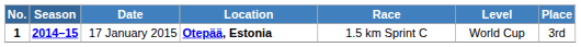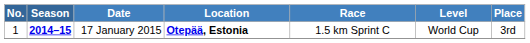 <table class="wikitable sortable" style="font-size:95%; text-align:center; border:grey solid 1px; border-collapse:collapse; background:#ffffff;">
 <tr style="background:#efefef;">
 <th style="background-color:#369; color:white;">No.</th>
 <th style="background-color:#369; color:white;">Season</th>
 <th style="background-color:#4180be; color:white; width:120px;">Date</th>
 <th style="background-color:#4180be; color:white; width:170px;">Location</th>
 <th style="background-color:#4180be; color:white; width:170px;">Race</th>
 <th style="background-color:#4180be; color:white; width:100px;">Level</th>
 <th style="background-color:#4180be; color:white;">Place</th>
 </tr>
 <tr>
-<td align=center><strong>1</strong></td>
+<td align=center>1</td>
 <td rowspan=1 align=center><strong><a href='#'>2014–15</a></strong></td>
 <td align=right>17 January 2015</td>
 <td align=left><strong> <a href='#'>Otepää</a>, Estonia</strong></td>
 <td>1.5 km Sprint C</td>
 <td>World Cup</td>
 <td>3rd</td>
 </tr>
 <tr>
 </tr>
 </table>
